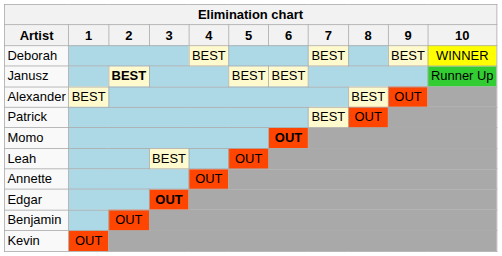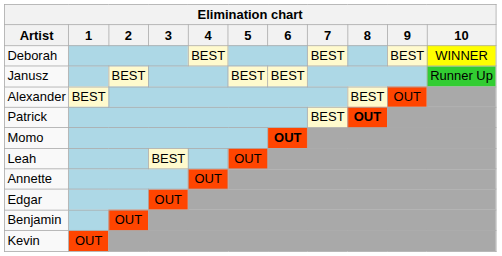 <table class="wikitable" style="text-align:center">
 <tr>
 <th colspan="16">Elimination chart</th>
 </tr>
 <tr>
 <th align="left">Artist</th>
 <th>1</th>
 <th>2</th>
 <th>3</th>
 <th>4</th>
 <th>5</th>
 <th>6</th>
 <th>7</th>
 <th>8</th>
 <th>9</th>
 <th>10</th>
 </tr>
 <tr>
 <td align="left">Deborah</td>
 <td colspan="3" style="background:Lightblue;"></td>
 <td style="background:LemonChiffon;">BEST</td>
 <td colspan="2" style="background:Lightblue;"></td>
 <td style="background:LemonChiffon;">BEST</td>
 <td style="background:Lightblue;"></td>
 <td style="background:LemonChiffon;">BEST</td>
 <td style="background:Yellow;">WINNER</td>
 </tr>
 <tr>
 <td align="left">Janusz</td>
 <td style="background:Lightblue;"></td>
-<td style="background:LemonChiffon;"><strong>BEST</strong></td>
+<td style="background:LemonChiffon;">BEST</td>
 <td colspan="2" style="background:Lightblue;"></td>
 <td style="background:LemonChiffon;">BEST</td>
 <td style="background:LemonChiffon;">BEST</td>
 <td colspan="3" style="background:LightBlue;"></td>
 <td style="background:LimeGreen;">Runner Up</td>
 </tr>
 <tr>
 <td align="left">Alexander</td>
 <td style="background:LemonChiffon;">BEST</td>
 <td colspan="6" style="background:Lightblue;"></td>
 <td style="background:LemonChiffon;">BEST</td>
 <td style="background:orangered;">OUT</td>
 <td style="background:darkgrey;"></td>
 </tr>
 <tr>
 <td align="left">Patrick</td>
 <td colspan="6" style="background:Lightblue;"></td>
 <td style="background:LemonChiffon;">BEST</td>
-<td style="background:orangered;">OUT</td>
+<td style="background:orangered;"><strong>OUT</strong></td>
 <td colspan="2" style="background:darkgrey;"></td>
 </tr>
 <tr>
 <td align="left">Momo</td>
 <td colspan="5" style="background:Lightblue;"></td>
 <td style="background:orangered;"><strong>OUT</strong></td>
 <td colspan="4" style="background:darkgrey;"></td>
 </tr>
 <tr>
 <td align="left">Leah</td>
 <td colspan="2" style="background:Lightblue;"></td>
 <td style="background:LemonChiffon;">BEST</td>
 <td style="background:Lightblue;"></td>
 <td style="background:orangered;">OUT</td>
 <td colspan="5" style="background:darkgrey;"></td>
 </tr>
 <tr>
 <td align="left">Annette</td>
 <td colspan="3" style="background:Lightblue;"></td>
 <td style="background:orangered;">OUT</td>
 <td colspan="6" style="background:darkgrey;"></td>
 </tr>
 <tr>
 <td align="left">Edgar</td>
 <td colspan="2" style="background:Lightblue;"></td>
-<td style="background:orangered;"><strong>OUT</strong></td>
+<td style="background:orangered;">OUT</td>
 <td colspan="7" style="background:darkgrey;"></td>
 </tr>
 <tr>
 <td align="left">Benjamin</td>
 <td style="background:Lightblue;"></td>
 <td style="background:orangered;">OUT</td>
 <td colspan="8" style="background:darkgrey;"></td>
 </tr>
 <tr>
 <td align="left">Kevin</td>
 <td style="background:orangered;">OUT</td>
 <td colspan="9" style="background:darkgrey;"></td>
 </tr>
 </table>
